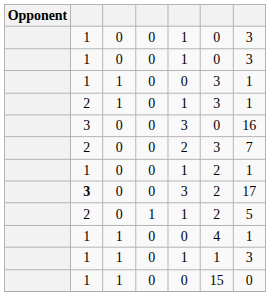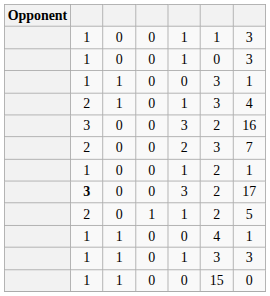 <table class="wikitable sortable plainrowheaders" style="text-align:center">
 <tr>
 <th scope="col">Opponent</th>
 <th scope="col" width="30"></th>
 <th scope="col" width="30"></th>
 <th scope="col" width="30"></th>
 <th scope="col" width="30"></th>
 <th scope="col" width="30"></th>
 <th scope="col" width="30"></th>
 </tr>
 <tr>
 <th scope="row"></th>
 <td>1</td>
 <td>0</td>
 <td>0</td>
 <td>1</td>
-<td>0</td>
+<td>1</td>
 <td>3</td>
 </tr>
 <tr>
 <th scope="row"></th>
 <td>1</td>
 <td>0</td>
 <td>0</td>
 <td>1</td>
 <td>0</td>
 <td>3</td>
 </tr>
 <tr>
 <th scope="row"></th>
 <td>1</td>
 <td>1</td>
 <td>0</td>
 <td>0</td>
 <td>3</td>
 <td>1</td>
 </tr>
 <tr>
 <th scope="row"></th>
 <td>2</td>
 <td>1</td>
 <td>0</td>
 <td>1</td>
 <td>3</td>
-<td>1</td>
+<td>4</td>
 </tr>
 <tr>
 <th scope="row"></th>
 <td>3</td>
 <td>0</td>
 <td>0</td>
 <td>3</td>
-<td>0</td>
+<td>2</td>
 <td>16</td>
 </tr>
 <tr>
 <th scope="row"></th>
 <td>2</td>
 <td>0</td>
 <td>0</td>
 <td>2</td>
 <td>3</td>
 <td>7</td>
 </tr>
 <tr>
 <th scope="row"></th>
 <td>1</td>
 <td>0</td>
 <td>0</td>
 <td>1</td>
 <td>2</td>
 <td>1</td>
 </tr>
 <tr>
 <th scope="row"></th>
 <td><strong>3</strong></td>
 <td>0</td>
 <td>0</td>
 <td>3</td>
 <td>2</td>
 <td>17</td>
 </tr>
 <tr>
 <th scope="row"></th>
 <td>2</td>
 <td>0</td>
 <td>1</td>
 <td>1</td>
 <td>2</td>
 <td>5</td>
 </tr>
 <tr>
 <th scope="row"></th>
 <td>1</td>
 <td>1</td>
 <td>0</td>
 <td>0</td>
 <td>4</td>
 <td>1</td>
 </tr>
 <tr>
 <th scope="row"></th>
 <td>1</td>
 <td>1</td>
 <td>0</td>
 <td>1</td>
-<td>1</td>
+<td>3</td>
 <td>3</td>
 </tr>
 <tr>
 <th scope="row"></th>
 <td>1</td>
 <td>1</td>
 <td>0</td>
 <td>0</td>
 <td>15</td>
 <td>0</td>
 </tr>
 <tr>
 </tr>
 </table>
